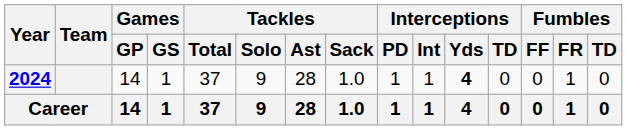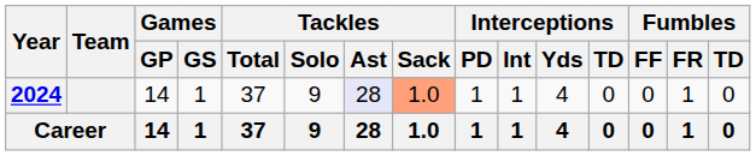 <table class="wikitable" style="text-align:center;">
 <tr>
 <th rowspan="2">Year</th>
 <th rowspan="2">Team</th>
 <th colspan="2">Games</th>
 <th colspan="4">Tackles</th>
 <th colspan="4">Interceptions</th>
 <th colspan="3">Fumbles</th>
 </tr>
 <tr>
 <th>GP</th>
 <th>GS</th>
 <th>Total</th>
 <th>Solo</th>
 <th>Ast</th>
 <th>Sack</th>
 <th>PD</th>
 <th>Int</th>
 <th>Yds</th>
 <th>TD</th>
 <th>FF</th>
 <th>FR</th>
 <th>TD</th>
 </tr>
 <tr>
 <th><a href='#'>2024</a></th>
 <th><a href='#'></a></th>
 <td>14</td>
 <td>1</td>
 <td>37</td>
 <td>9</td>
-<td>28</td>
-<td>1.0</td>
+<td style="background: lavender;">28</td>
+<td style="background: lightsalmon;">1.0</td>
 <td>1</td>
 <td>1</td>
-<td><strong>4</strong></td>
+<td>4</td>
 <td>0</td>
 <td>0</td>
 <td>1</td>
 <td>0</td>
 </tr>
 <tr>
 <th align=center colspan="2">Career</th>
 <th>14</th>
 <th>1</th>
 <th>37</th>
 <th>9</th>
 <th>28</th>
 <th>1.0</th>
 <th>1</th>
 <th>1</th>
 <th>4</th>
 <th>0</th>
 <th>0</th>
 <th>1</th>
 <th>0</th>
 </tr>
 </table>
